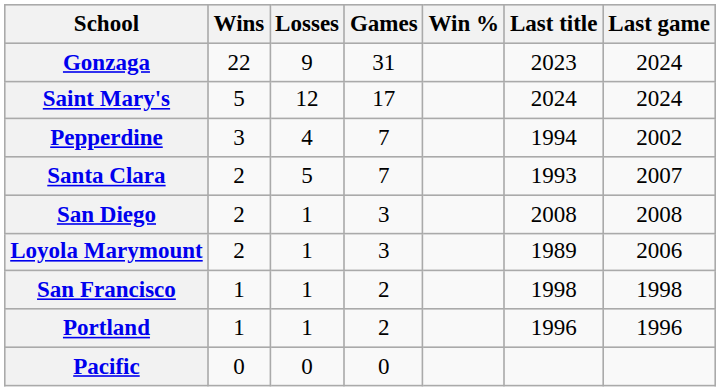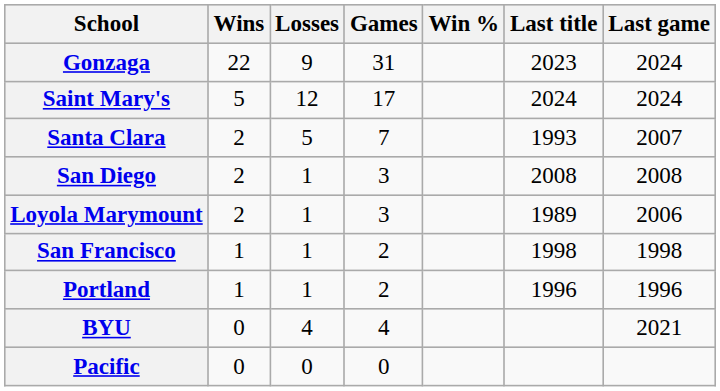 <table class="wikitable sortable" style="text-align:center;font-size:90%">
 <tr>
 <th width=px>School</th>
 <th width=px>Wins</th>
 <th width=px>Losses</th>
 <th width=px>Games</th>
 <th width=px>Win %</th>
 <th width=px>Last title</th>
 <th width=px>Last game</th>
 </tr>
 <tr>
 <th><a href='#'>Gonzaga</a></th>
 <td>22</td>
 <td>9</td>
 <td>31</td>
 <td></td>
 <td>2023</td>
 <td>2024</td>
 </tr>
 <tr>
 <th><a href='#'>Saint Mary's</a></th>
 <td>5</td>
 <td>12</td>
 <td>17</td>
 <td></td>
 <td>2024</td>
 <td>2024</td>
-</tr>
-<tr>
-<th><a href='#'>Pepperdine</a></th>
-<td>3</td>
-<td>4</td>
-<td>7</td>
-<td></td>
-<td>1994</td>
-<td>2002</td>
 </tr>
 <tr>
 <th><a href='#'>Santa Clara</a></th>
 <td>2</td>
 <td>5</td>
 <td>7</td>
 <td></td>
 <td>1993</td>
 <td>2007</td>
 </tr>
 <tr>
 <th><a href='#'>San Diego</a></th>
 <td>2</td>
 <td>1</td>
 <td>3</td>
 <td></td>
 <td>2008</td>
 <td>2008</td>
 </tr>
 <tr>
 <th><a href='#'>Loyola Marymount</a></th>
 <td>2</td>
 <td>1</td>
 <td>3</td>
 <td></td>
 <td>1989</td>
 <td>2006</td>
 </tr>
 <tr>
 <th><a href='#'>San Francisco</a></th>
 <td>1</td>
 <td>1</td>
 <td>2</td>
 <td></td>
 <td>1998</td>
 <td>1998</td>
 </tr>
 <tr>
 <th><a href='#'>Portland</a></th>
 <td>1</td>
 <td>1</td>
 <td>2</td>
 <td></td>
 <td>1996</td>
 <td>1996</td>
 </tr>
 <tr>
+<th><a href='#'>BYU</a></th>
+<td>0</td>
+<td>4</td>
+<td>4</td>
+<td></td>
+<td></td>
+<td>2021</td>
+</tr>
+<tr>
 <th><a href='#'>Pacific</a></th>
 <td>0</td>
 <td>0</td>
 <td>0</td>
 <td></td>
 <td></td>
 <td></td>
 </tr>
 </table>
